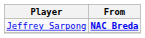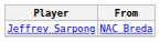 <table class="wikitable">
 <tr>
 <th>Player</th>
 <th>From</th>
 </tr>
 <tr>
 <td> <a href='#'>Jeffrey Sarpong</a></td>
-<td><strong> <a href='#'>NAC Breda</a></strong></td>
+<td> <a href='#'>NAC Breda</a></td>
 </tr>
 <tr>
 </tr>
 </table>
